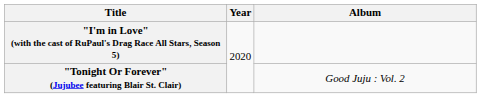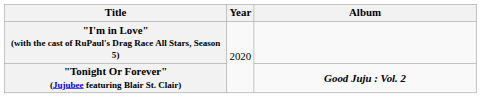 <table class="wikitable plainrowheaders" style="text-align:center;">
 <tr>
 <th rowspan="1" style="width:20em;">Title</th>
 <th rowspan="1" style="width:1em;">Year</th>
 <th rowspan="1" style="width:20em;">Album</th>
 </tr>
 <tr>
 <th scope="row">"I'm in Love"<br><small>(with the cast of RuPaul's Drag Race All Stars, Season 5)</small></th>
 <td rowspan="2">2020</td>
 <td></td>
 </tr>
 <tr>
 <th scope="row">"Tonight Or Forever"<br><small>(<a href='#'>Jujubee</a> featuring Blair St. Clair)</small></th>
-<td><em>Good Juju : Vol. 2</em></td>
+<td><strong><em>Good Juju : Vol. 2</em></strong></td>
 </tr>
 </table>
